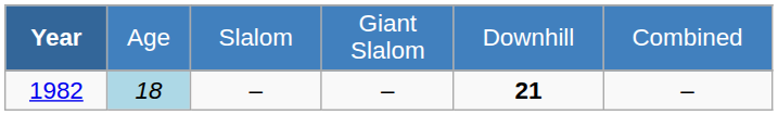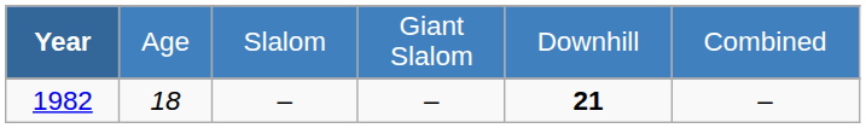 <table class="wikitable" style="font-size:100%; text-align:center; border:grey solid 1px; border-collapse:collapse;" width="40%">
 <tr style="background-color:#369; color:white;">
 <td rowspan="2" colspan="1" width="4%"><strong>Year</strong></td>
 </tr>
 <tr style="background-color:#4180be; color:white;">
 <td width="3%">Age</td>
 <td width="5%">Slalom</td>
 <td width="5%">Giant<br>Slalom</td>
 <td width="5%">Downhill</td>
 <td width="5%">Combined</td>
 </tr>
 <tr style="background-color:#8CB2D8; color:white;">
 </tr>
 <tr>
 <td><a href='#'>1982</a></td>
-<td style="background: lightblue;"><em>18</em></td>
+<td><em>18</em></td>
 <td>–</td>
 <td>–</td>
 <td><strong>21</strong></td>
 <td>–</td>
 </tr>
 </table>
